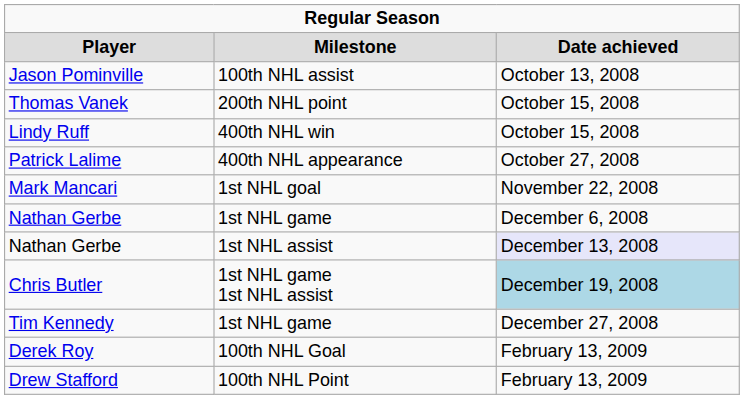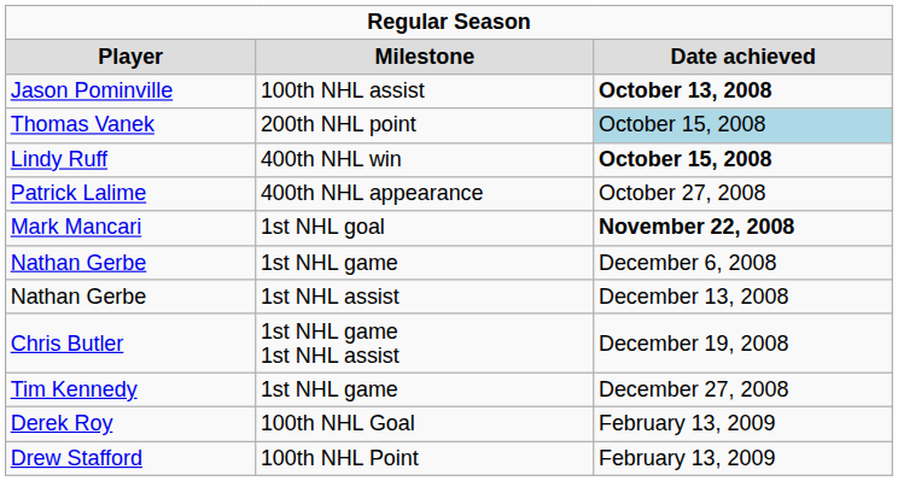 <table class="wikitable" width="52%">
 <tr>
 <td colspan="10" align="center"><strong>Regular Season</strong></td>
 </tr>
 <tr align="center"  bgcolor="#dddddd">
 <td><strong>Player</strong></td>
 <td><strong>Milestone</strong></td>
 <td><strong>Date achieved</strong></td>
 </tr>
 <tr>
 <td><a href='#'>Jason Pominville</a></td>
 <td>100th NHL assist</td>
-<td>October 13, 2008</td>
+<td><strong>October 13, 2008</strong></td>
 </tr>
 <tr>
 <td><a href='#'>Thomas Vanek</a></td>
 <td>200th NHL point</td>
-<td>October 15, 2008</td>
+<td style="background: lightblue;">October 15, 2008</td>
 </tr>
 <tr>
 <td><a href='#'>Lindy Ruff</a></td>
 <td>400th NHL win</td>
-<td>October 15, 2008</td>
+<td><strong>October 15, 2008</strong></td>
 </tr>
 <tr>
 <td><a href='#'>Patrick Lalime</a></td>
 <td>400th NHL appearance</td>
 <td>October 27, 2008</td>
 </tr>
 <tr>
 <td><a href='#'>Mark Mancari</a></td>
 <td>1st NHL goal</td>
-<td>November 22, 2008</td>
+<td><strong>November 22, 2008</strong></td>
 </tr>
 <tr>
 <td><a href='#'>Nathan Gerbe</a></td>
 <td>1st NHL game</td>
 <td>December 6, 2008</td>
 </tr>
 <tr>
 <td>Nathan Gerbe</td>
 <td>1st NHL assist</td>
-<td style="background: lavender;">December 13, 2008</td>
+<td>December 13, 2008</td>
 </tr>
 <tr>
 <td><a href='#'>Chris Butler</a></td>
 <td>1st NHL game<br>1st NHL assist</td>
-<td style="background: lightblue;">December 19, 2008</td>
+<td>December 19, 2008</td>
 </tr>
 <tr>
 <td><a href='#'>Tim Kennedy</a></td>
 <td>1st NHL game</td>
 <td>December 27, 2008</td>
 </tr>
 <tr>
 <td><a href='#'>Derek Roy</a></td>
 <td>100th NHL Goal</td>
 <td>February 13, 2009</td>
 </tr>
 <tr>
 <td><a href='#'>Drew Stafford</a></td>
 <td>100th NHL Point</td>
 <td>February 13, 2009</td>
 </tr>
 </table>
